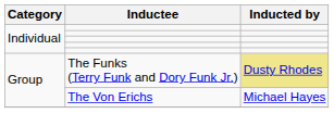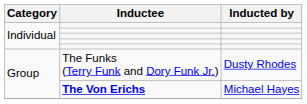 <table class="wikitable">
 <tr>
 <th>Category</th>
 <th>Inductee</th>
 <th>Inducted by</th>
 </tr>
 <tr>
 <td rowspan="5">Individual</td>
 <td></td>
 <td></td>
 </tr>
 <tr>
 <td></td>
 <td></td>
 </tr>
 <tr>
 <td></td>
 <td></td>
 </tr>
 <tr>
 <td></td>
 <td></td>
 </tr>
 <tr>
 <td></td>
 <td></td>
 </tr>
 <tr>
 <td rowspan="2">Group</td>
 <td>The Funks<br>(<a href='#'>Terry Funk</a> and <a href='#'>Dory Funk Jr.</a>)</td>
-<td style="background: khaki;"><a href='#'>Dusty Rhodes</a></td>
+<td><a href='#'>Dusty Rhodes</a></td>
 </tr>
 <tr>
-<td><a href='#'>The Von Erichs</a></td>
+<td><strong><a href='#'>The Von Erichs</a></strong></td>
 <td><a href='#'>Michael Hayes</a></td>
 </tr>
 <tr>
 </tr>
 </table>
